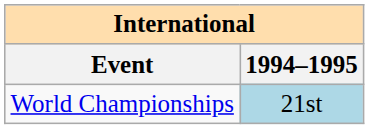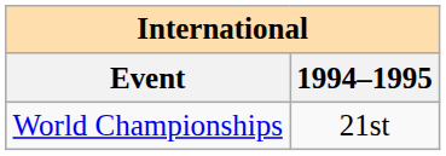 <table class="wikitable" style="text-align:center">
 <tr>
 <th style="background-color: #ffdead; " colspan=2 align=center><strong>International</strong></th>
 </tr>
 <tr>
 <th>Event</th>
 <th>1994–1995</th>
 </tr>
 <tr>
 <td align=left><a href='#'>World Championships</a></td>
-<td style="background: lightblue;">21st</td>
+<td>21st</td>
 </tr>
 </table>
